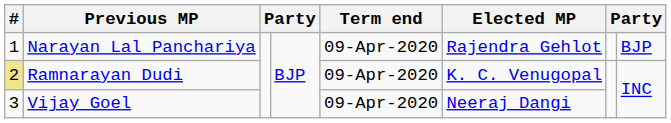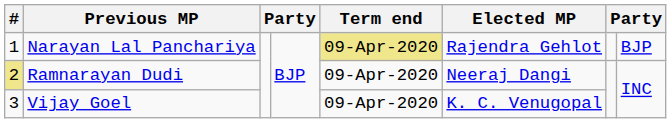 <table class="wikitable sortable">
 <tr>
 <th>#</th>
 <th>Previous MP</th>
 <th colspan="2">Party</th>
 <th>Term end</th>
 <th>Elected MP</th>
 <th colspan="2">Party</th>
 </tr>
 <tr>
 <td>1</td>
 <td><a href='#'>Narayan Lal Panchariya</a></td>
 <td rowspan=3></td>
 <td rowspan="3"><a href='#'>BJP</a></td>
-<td>09-Apr-2020</td>
+<td style="background: khaki;">09-Apr-2020</td>
 <td><a href='#'>Rajendra Gehlot</a></td>
 <td></td>
 <td><a href='#'>BJP</a></td>
 </tr>
 <tr>
 <td style="background: khaki;">2</td>
 <td><a href='#'>Ramnarayan Dudi</a></td>
 <td>09-Apr-2020</td>
-<td><a href='#'>K. C. Venugopal</a></td>
+<td><a href='#'>Neeraj Dangi</a></td>
 <td rowspan=2></td>
 <td rowspan="2"><a href='#'>INC</a></td>
 </tr>
 <tr>
 <td>3</td>
 <td><a href='#'>Vijay Goel</a></td>
 <td>09-Apr-2020</td>
-<td><a href='#'>Neeraj Dangi</a></td>
+<td><a href='#'>K. C. Venugopal</a></td>
 </tr>
 </table>
